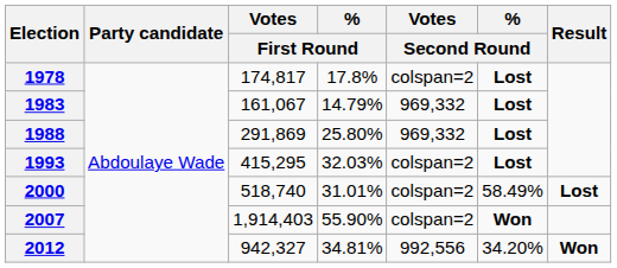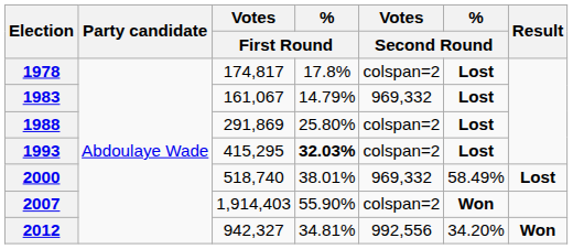 <table class=wikitable style=text-align:center>
 <tr>
 <th rowspan="2">Election</th>
 <th rowspan="2">Party candidate</th>
 <th><strong>Votes</strong></th>
 <th><strong>%</strong></th>
 <th><strong>Votes</strong></th>
 <th><strong>%</strong></th>
 <th rowspan="2">Result</th>
 </tr>
 <tr>
 <th colspan="2">First Round</th>
 <th colspan="2">Second Round</th>
 </tr>
 <tr>
 <th><a href='#'>1978</a></th>
 <td rowspan="7"><a href='#'>Abdoulaye Wade</a></td>
 <td>174,817</td>
 <td>17.8%</td>
 <td>colspan=2 </td>
 <td><strong>Lost</strong> </td>
 </tr>
 <tr>
 <th><a href='#'>1983</a></th>
 <td>161,067</td>
 <td>14.79%</td>
 <td>969,332</td>
 <td><strong>Lost</strong> </td>
 </tr>
 <tr>
 <th><a href='#'>1988</a></th>
 <td>291,869</td>
 <td>25.80%</td>
-<td>969,332</td>
+<td>colspan=2 </td>
 <td><strong>Lost</strong> </td>
 </tr>
 <tr>
 <th><a href='#'>1993</a></th>
 <td>415,295</td>
-<td>32.03%</td>
+<td><strong>32.03%</strong></td>
 <td>colspan=2 </td>
 <td><strong>Lost</strong> </td>
 </tr>
 <tr>
 <th><a href='#'>2000</a></th>
 <td>518,740</td>
-<td>31.01%</td>
-<td>colspan=2 </td>
+<td>38.01%</td>
+<td>969,332</td>
 <td>58.49%</td>
 <td><strong>Lost</strong> </td>
 </tr>
 <tr>
 <th><a href='#'>2007</a></th>
 <td>1,914,403</td>
 <td>55.90%</td>
 <td>colspan=2 </td>
 <td><strong>Won</strong> </td>
 </tr>
 <tr>
 <th><a href='#'>2012</a></th>
 <td>942,327</td>
 <td>34.81%</td>
 <td>992,556</td>
 <td>34.20%</td>
 <td><strong>Won</strong> </td>
 </tr>
 </table>
